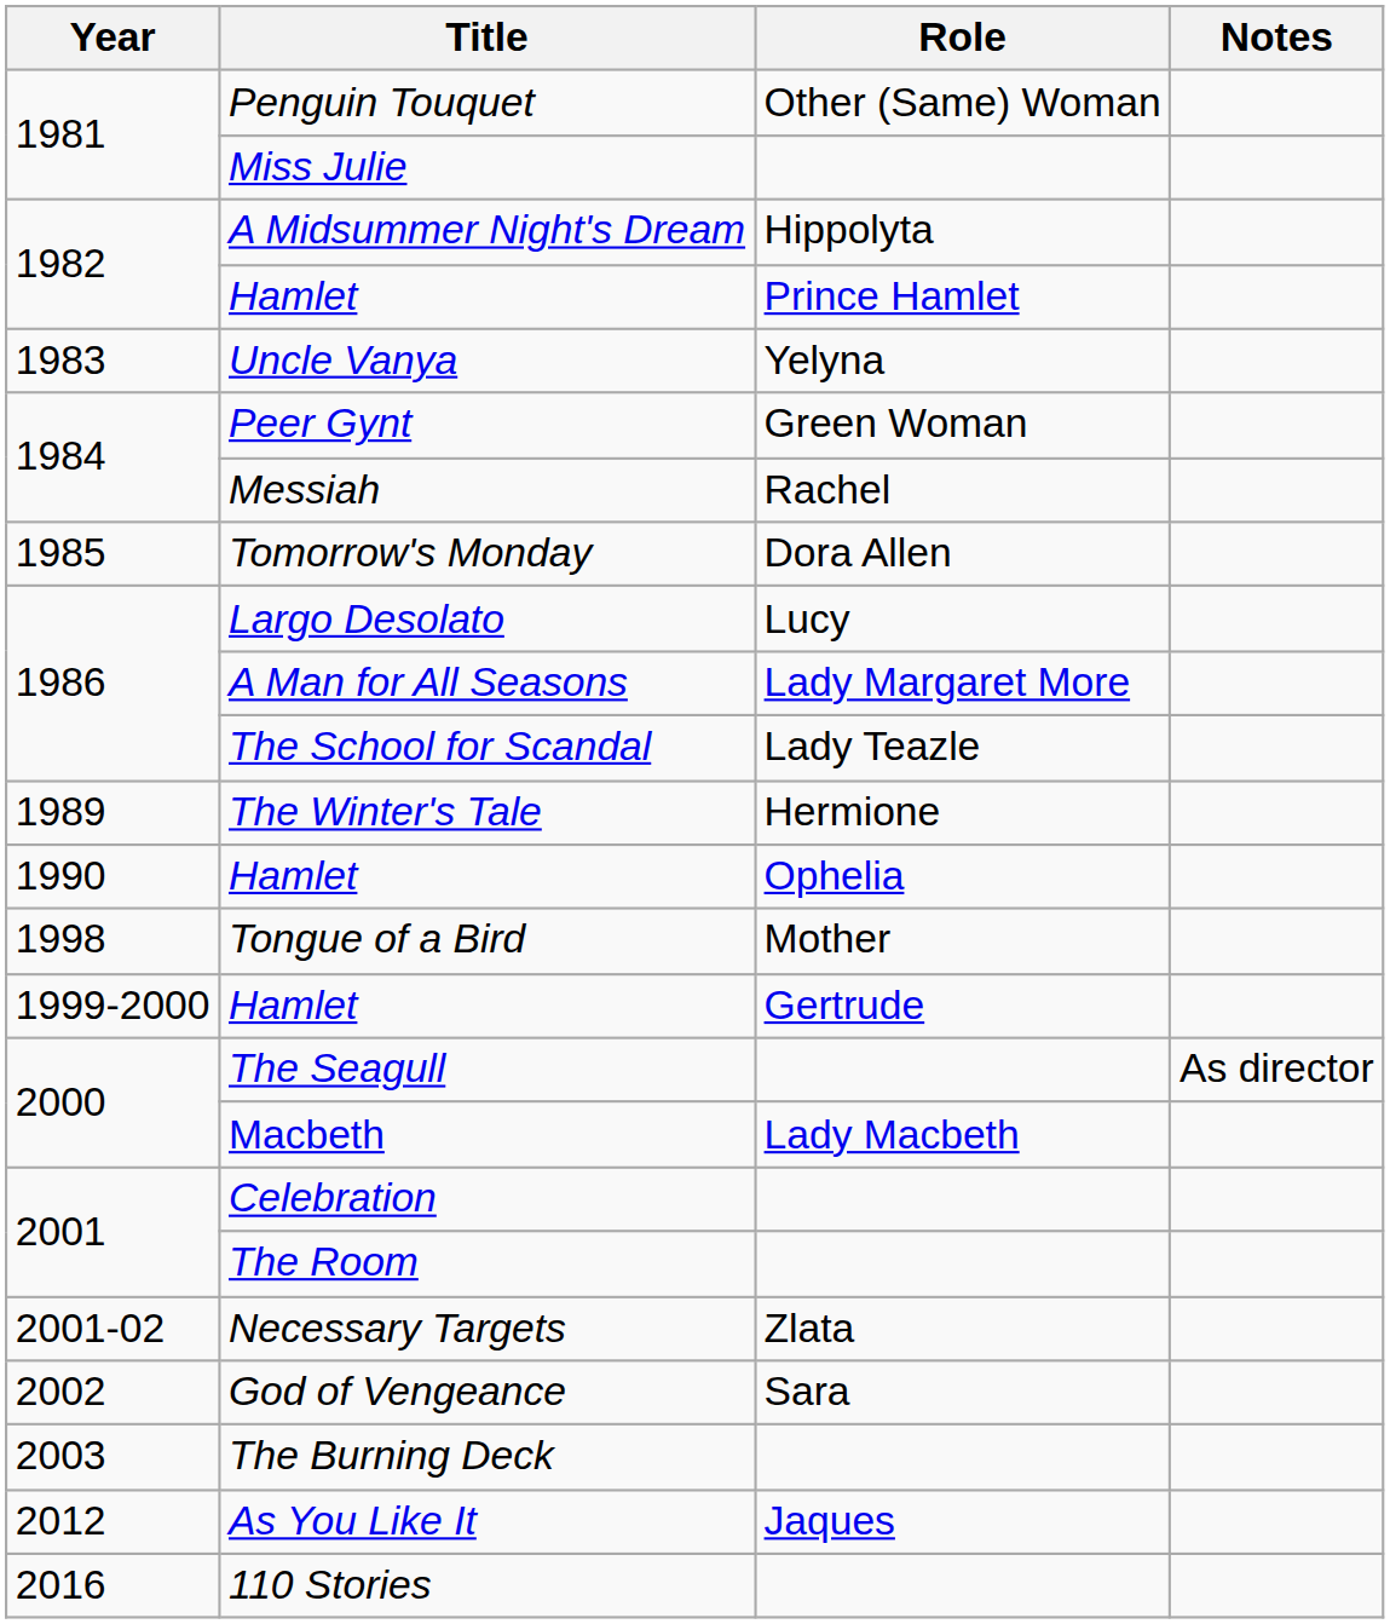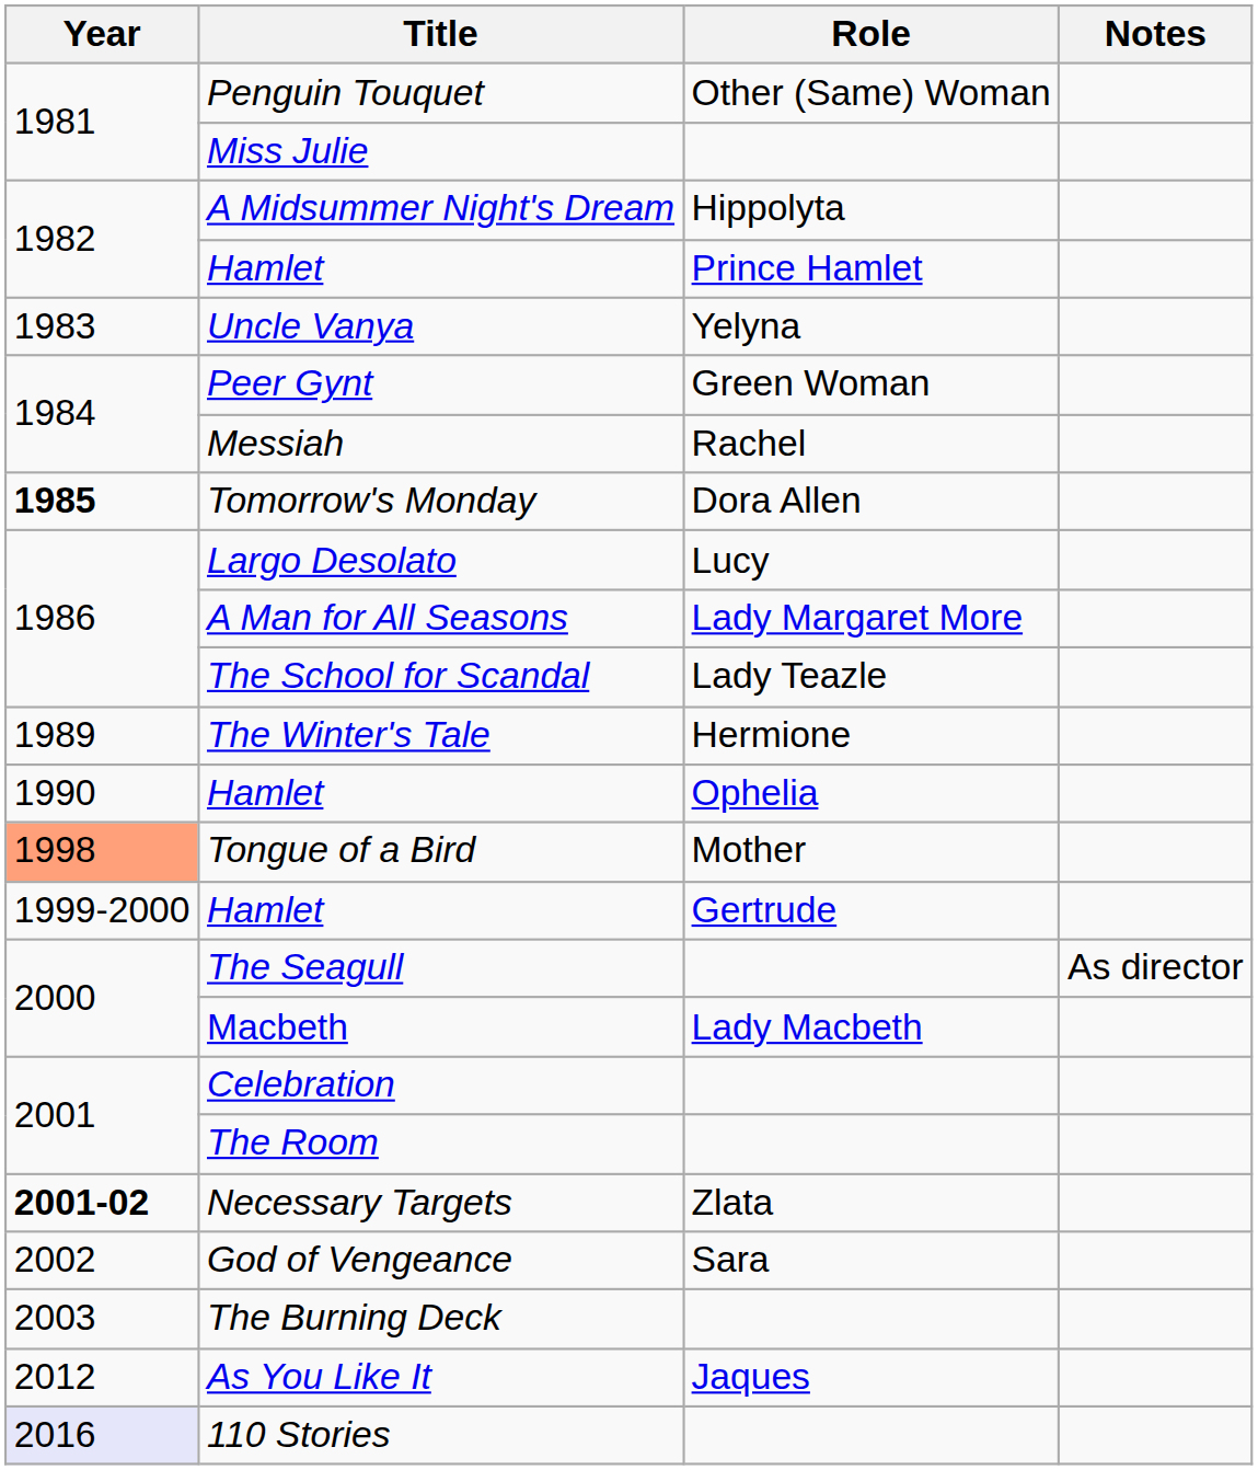 <table class="wikitable sortable">
 <tr>
 <th>Year</th>
 <th>Title</th>
 <th>Role</th>
 <th class="unsortable">Notes</th>
 </tr>
 <tr>
 <td rowspan="2">1981</td>
 <td><em>Penguin Touquet</em></td>
 <td>Other (Same) Woman</td>
 <td></td>
 </tr>
 <tr>
 <td><em><a href='#'>Miss Julie</a></em></td>
 <td></td>
 <td></td>
 </tr>
 <tr>
 <td rowspan="2">1982</td>
 <td><em><a href='#'>A Midsummer Night's Dream</a></em></td>
 <td>Hippolyta</td>
 <td></td>
 </tr>
 <tr>
 <td><em><a href='#'>Hamlet</a></em></td>
 <td><a href='#'>Prince Hamlet</a></td>
 <td></td>
 </tr>
 <tr>
 <td>1983</td>
 <td><em><a href='#'>Uncle Vanya</a></em></td>
 <td>Yelyna</td>
 <td></td>
 </tr>
 <tr>
 <td rowspan="2">1984</td>
 <td><em><a href='#'>Peer Gynt</a></em></td>
 <td>Green Woman</td>
 <td></td>
 </tr>
 <tr>
 <td><em>Messiah</em></td>
 <td>Rachel</td>
 <td></td>
 </tr>
 <tr>
-<td>1985</td>
+<td><strong>1985</strong></td>
 <td><em>Tomorrow's Monday</em></td>
 <td>Dora Allen</td>
 <td></td>
 </tr>
 <tr>
 <td rowspan="3">1986</td>
 <td><a href='#'><em>Largo Desolato</em></a></td>
 <td>Lucy</td>
 <td></td>
 </tr>
 <tr>
 <td><em><a href='#'>A Man for All Seasons</a></em></td>
 <td><a href='#'>Lady Margaret More</a></td>
 <td></td>
 </tr>
 <tr>
 <td><em><a href='#'>The School for Scandal</a></em></td>
 <td>Lady Teazle</td>
 <td></td>
 </tr>
 <tr>
 <td>1989</td>
 <td><em><a href='#'>The Winter's Tale</a></em></td>
 <td>Hermione</td>
 <td></td>
 </tr>
 <tr>
 <td>1990</td>
 <td><em><a href='#'>Hamlet</a></em></td>
 <td><a href='#'>Ophelia</a></td>
 <td></td>
 </tr>
 <tr>
-<td>1998</td>
+<td style="background: lightsalmon;">1998</td>
 <td><em>Tongue of a Bird</em></td>
 <td>Mother</td>
 <td></td>
 </tr>
 <tr>
 <td>1999-2000</td>
 <td><em><a href='#'>Hamlet</a></em></td>
 <td><a href='#'>Gertrude</a></td>
 <td></td>
 </tr>
 <tr>
 <td rowspan="2">2000</td>
 <td><em><a href='#'>The Seagull</a></em></td>
 <td></td>
 <td>As director</td>
 </tr>
 <tr>
 <td><a href='#'>Macbeth</a></td>
 <td><a href='#'>Lady Macbeth</a></td>
 <td></td>
 </tr>
 <tr>
 <td rowspan="2">2001</td>
 <td><a href='#'><em>Celebration</em></a></td>
 <td></td>
 <td></td>
 </tr>
 <tr>
 <td><a href='#'><em>The Room</em></a></td>
 <td></td>
 <td></td>
 </tr>
 <tr>
-<td>2001-02</td>
+<td><strong>2001-02</strong></td>
 <td><em>Necessary Targets</em></td>
 <td>Zlata</td>
 <td></td>
 </tr>
 <tr>
 <td>2002</td>
 <td><em>God of Vengeance</em></td>
 <td>Sara</td>
 <td></td>
 </tr>
 <tr>
 <td>2003</td>
 <td><em>The Burning Deck</em></td>
 <td></td>
 <td></td>
 </tr>
 <tr>
 <td>2012</td>
 <td><em><a href='#'>As You Like It</a></em></td>
 <td><a href='#'>Jaques</a></td>
 <td></td>
 </tr>
 <tr>
-<td>2016</td>
+<td style="background: lavender;">2016</td>
 <td><em>110 Stories</em></td>
 <td></td>
 <td></td>
 </tr>
 </table>
